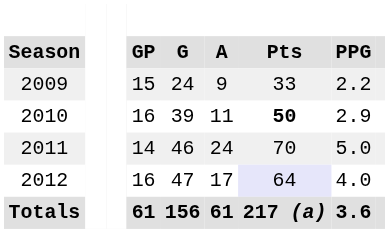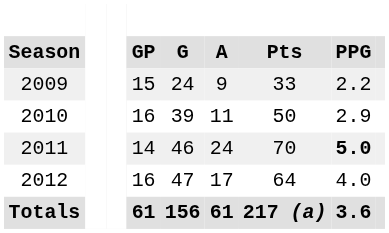 <table BORDER="0" CELLPADDING="3" CELLSPACING="0">
 <tr ALIGN="center" bgcolor="#e0e0e0">
 <th colspan="1" bgcolor="#ffffff"> </th>
 <th rowspan="99" bgcolor="#ffffff"> </th>
 <th rowspan="99" bgcolor="#ffffff"> </th>
 </tr>
 <tr ALIGN="center" bgcolor="#e0e0e0">
 <th>Season</th>
 <th>GP</th>
 <th>G</th>
 <th>A</th>
 <th>Pts</th>
 <th>PPG</th>
 <th></th>
 </tr>
 <tr ALIGN="center" bgcolor="#f0f0f0">
 <td>2009</td>
 <td>15</td>
 <td>24</td>
 <td>9</td>
 <td>33</td>
 <td>2.2</td>
 <td></td>
 </tr>
 <tr ALIGN="center">
 <td>2010</td>
 <td>16</td>
 <td>39</td>
 <td>11</td>
-<td><strong>50</strong></td>
+<td>50</td>
 <td>2.9</td>
 <td></td>
 </tr>
 <tr ALIGN="center" bgcolor="#f0f0f0">
 <td>2011</td>
 <td>14</td>
 <td>46</td>
 <td>24</td>
 <td>70</td>
-<td>5.0</td>
+<td><strong>5.0</strong></td>
 <td></td>
 </tr>
 <tr ALIGN="center">
 <td>2012</td>
 <td>16</td>
 <td>47</td>
 <td>17</td>
-<td style="background: lavender;">64</td>
+<td>64</td>
 <td>4.0</td>
 <td></td>
 </tr>
 <tr ALIGN="center" bgcolor="#e0e0e0">
 <th colspan="1.5">Totals</th>
 <th>61</th>
 <th>156</th>
 <th>61</th>
 <th>217  <em>(a)</em></th>
 <th>3.6</th>
 <th></th>
 </tr>
 </table>
